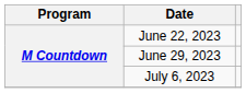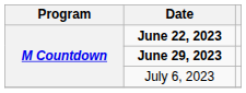 <table class="wikitable plainrowheaders" style="text-align:center">
 <tr>
 <th width="140">Program</th>
 <th width="130">Date</th>
 <th class="unsortable"></th>
 </tr>
 <tr>
 <th scope="row" rowspan="3"><em><a href='#'>M Countdown</a></em></th>
-<td>June 22, 2023</td>
+<td><strong>June 22, 2023</strong></td>
 <td></td>
 </tr>
 <tr>
-<td>June 29, 2023</td>
+<td><strong>June 29, 2023</strong></td>
 <td></td>
 </tr>
 <tr>
 <td>July 6, 2023</td>
 <td></td>
 </tr>
 <tr>
 </tr>
 </table>
